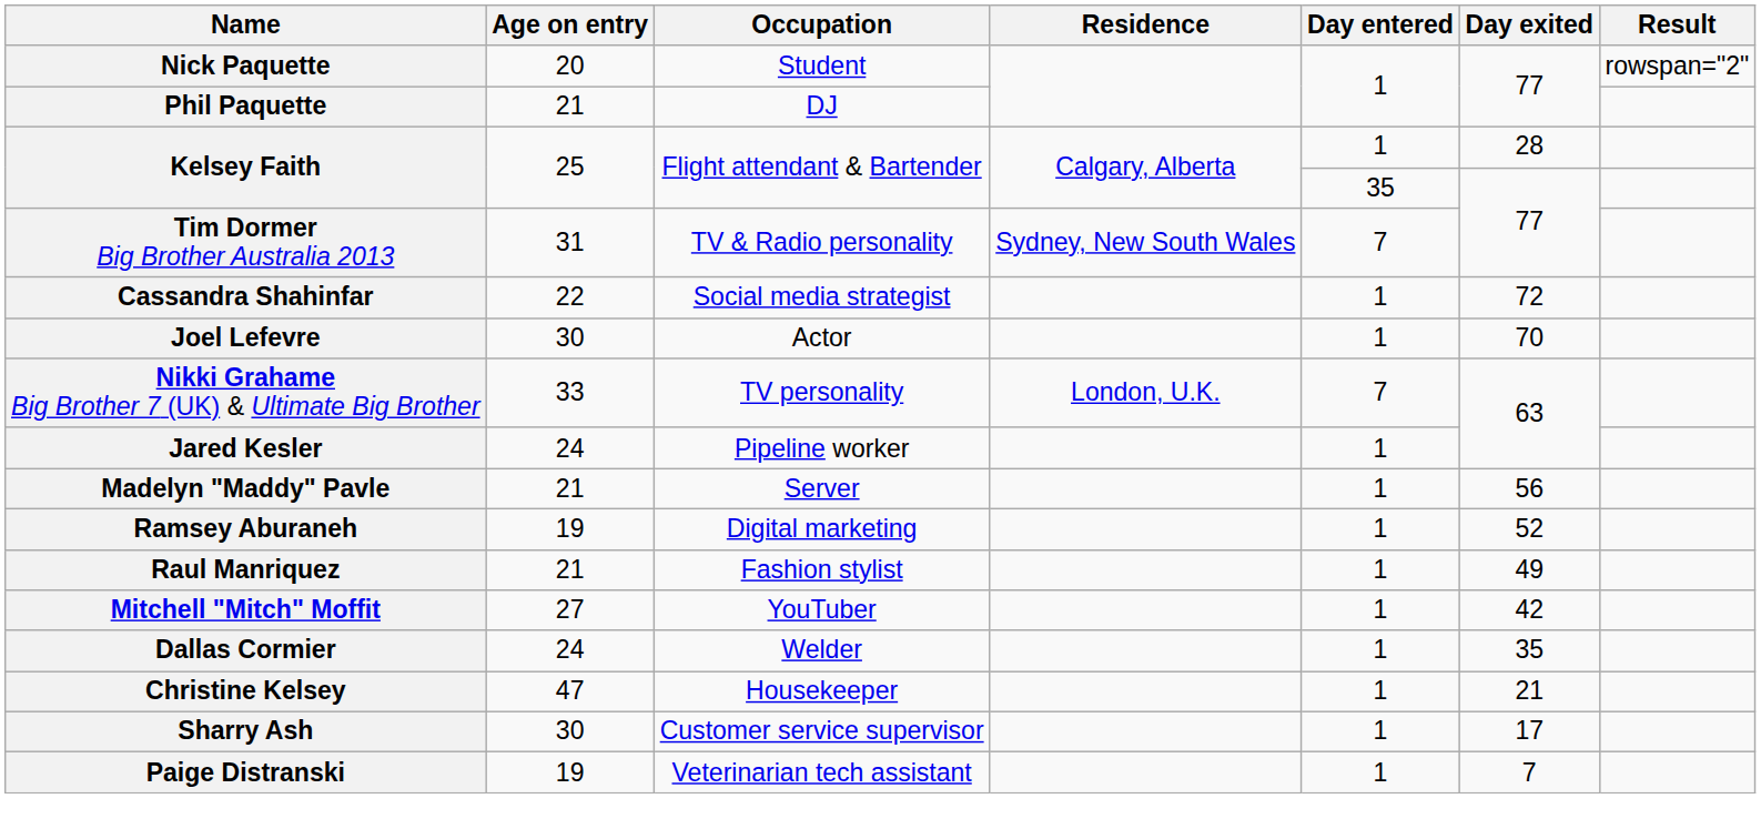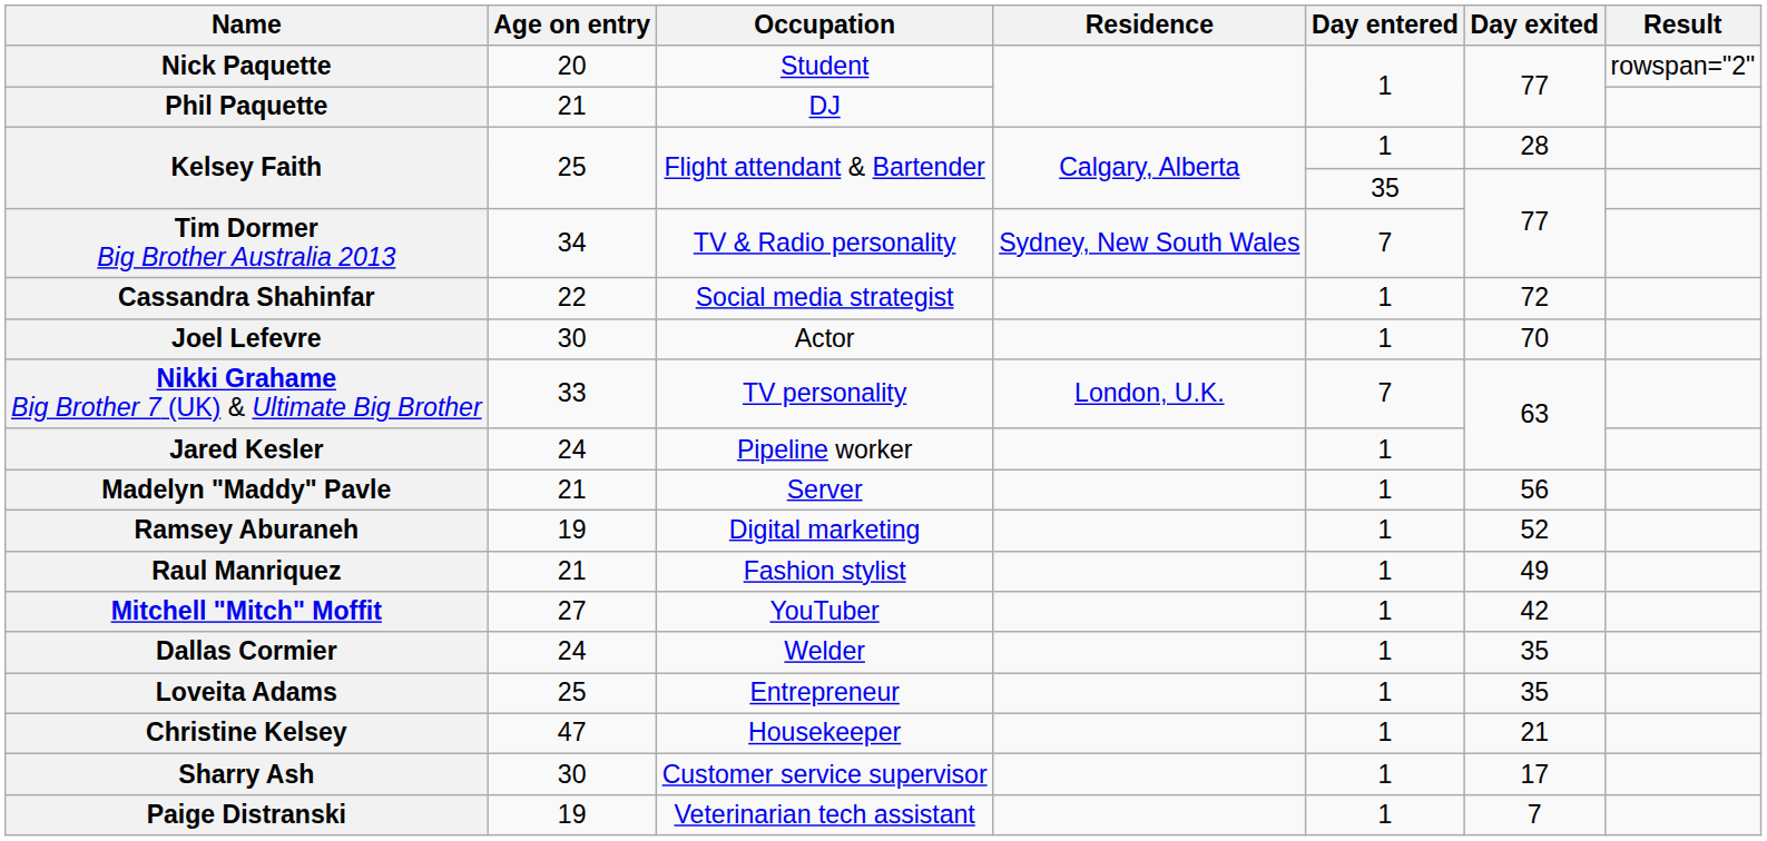 <table class="wikitable sortable" style="text-align:center; width:auto;">
 <tr>
 <th>Name</th>
 <th>Age on entry</th>
 <th class="unsortable">Occupation</th>
 <th class="unsortable">Residence</th>
 <th>Day entered</th>
 <th>Day exited</th>
 <th class="unsortable">Result</th>
 </tr>
 <tr>
 <th>Nick Paquette</th>
 <td>20</td>
 <td><a href='#'>Student</a></td>
 <td rowspan="2"></td>
 <td rowspan="2">1</td>
 <td rowspan="2">77</td>
 <td>rowspan="2" </td>
 </tr>
 <tr>
 <th>Phil Paquette</th>
 <td>21</td>
 <td><a href='#'>DJ</a></td>
 </tr>
 <tr>
 <th rowspan="2">Kelsey Faith</th>
 <td rowspan="2">25</td>
 <td rowspan="2"><a href='#'>Flight attendant</a> & <a href='#'>Bartender</a></td>
 <td rowspan="2"><a href='#'>Calgary, Alberta</a></td>
 <td>1</td>
 <td>28</td>
 <td></td>
 </tr>
 <tr>
 <td>35</td>
 <td rowspan="2">77</td>
 <td></td>
 </tr>
 <tr>
 <th style="font-weight:normal;"><strong>Tim Dormer</strong><br><em><a href='#'>Big Brother Australia 2013</a></em></th>
-<td>31</td>
+<td>34</td>
 <td><a href='#'>TV & Radio personality</a></td>
 <td><a href='#'>Sydney, New South Wales</a></td>
 <td>7</td>
 <td></td>
 </tr>
 <tr>
 <th>Cassandra Shahinfar</th>
 <td>22</td>
 <td><a href='#'>Social media strategist</a></td>
 <td></td>
 <td>1</td>
 <td>72</td>
 <td></td>
 </tr>
 <tr>
 <th>Joel Lefevre</th>
 <td>30</td>
 <td>Actor</td>
 <td></td>
 <td>1</td>
 <td>70</td>
 <td></td>
 </tr>
 <tr>
 <th style="font-weight:normal;"><strong><a href='#'>Nikki Grahame</a></strong><br><a href='#'><em>Big Brother 7</em> (UK)</a> & <em><a href='#'>Ultimate Big Brother</a></em></th>
 <td>33</td>
 <td><a href='#'>TV personality</a></td>
 <td><a href='#'>London, U.K.</a></td>
 <td>7</td>
 <td rowspan="2">63</td>
 <td></td>
 </tr>
 <tr>
 <th>Jared Kesler</th>
 <td>24</td>
 <td><a href='#'>Pipeline</a> worker</td>
 <td></td>
 <td>1</td>
 <td></td>
 </tr>
 <tr>
 <th>Madelyn "Maddy" Pavle</th>
 <td>21</td>
 <td><a href='#'>Server</a></td>
 <td></td>
 <td>1</td>
 <td>56</td>
 <td></td>
 </tr>
 <tr>
 <th>Ramsey Aburaneh</th>
 <td>19</td>
 <td><a href='#'>Digital marketing</a></td>
 <td></td>
 <td>1</td>
 <td>52</td>
 <td></td>
 </tr>
 <tr>
 <th>Raul Manriquez</th>
 <td>21</td>
 <td><a href='#'>Fashion stylist</a></td>
 <td></td>
 <td>1</td>
 <td>49</td>
 <td></td>
 </tr>
 <tr>
 <th><a href='#'>Mitchell "Mitch" Moffit</a></th>
 <td>27</td>
 <td><a href='#'>YouTuber</a></td>
 <td></td>
 <td>1</td>
 <td>42</td>
 <td></td>
 </tr>
 <tr>
 <th>Dallas Cormier</th>
 <td>24</td>
 <td><a href='#'>Welder</a></td>
 <td></td>
 <td>1</td>
 <td>35</td>
 <td></td>
 </tr>
 <tr>
+<th>Loveita Adams</th>
+<td>25</td>
+<td><a href='#'>Entrepreneur</a></td>
+<td></td>
+<td>1</td>
+<td>35</td>
+<td></td>
+</tr>
+<tr>
 <th>Christine Kelsey</th>
 <td>47</td>
 <td><a href='#'>Housekeeper</a></td>
 <td></td>
 <td>1</td>
 <td>21</td>
 <td></td>
 </tr>
 <tr>
 <th>Sharry Ash</th>
 <td>30</td>
 <td><a href='#'>Customer service supervisor</a></td>
 <td></td>
 <td>1</td>
 <td>17</td>
 <td></td>
 </tr>
 <tr>
 <th>Paige Distranski</th>
 <td>19</td>
 <td><a href='#'>Veterinarian tech assistant</a></td>
 <td></td>
 <td>1</td>
 <td>7</td>
 <td></td>
 </tr>
 </table>
